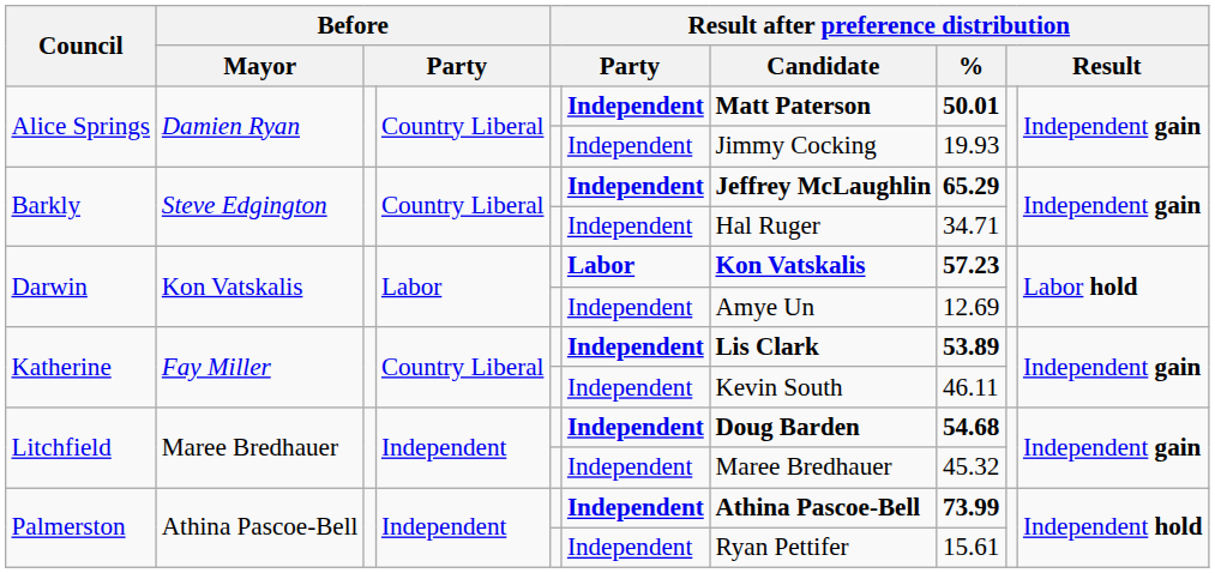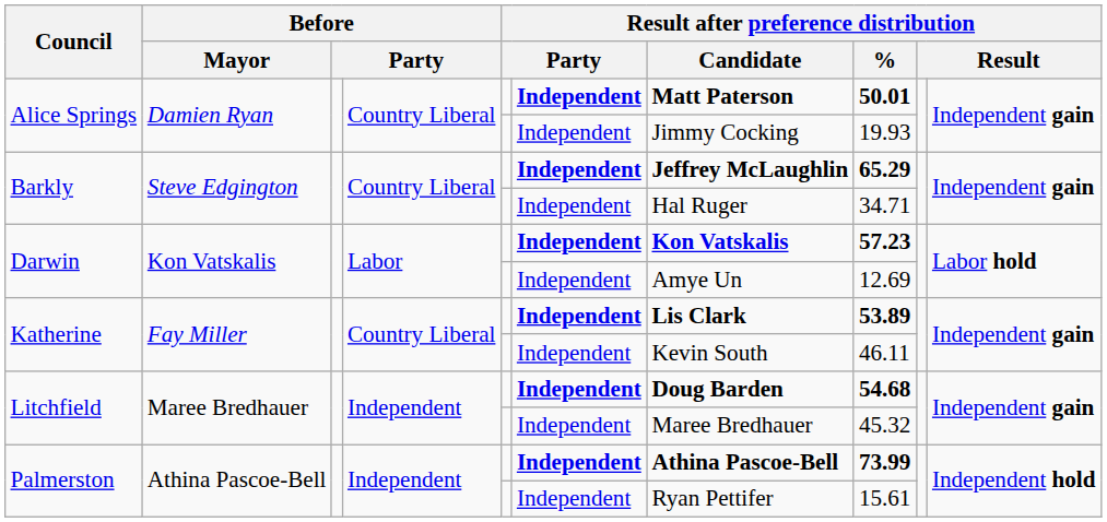 <table class="wikitable sortable" style="border: none;">
 <tr>
 <th rowspan="2">Council</th>
 <th colspan="3">Before</th>
 <th colspan="8">Result after <a href='#'>preference distribution</a></th>
 </tr>
 <tr>
 <th>Mayor</th>
 <th colspan="2">Party</th>
 <th colspan="2">Party</th>
 <th>Candidate</th>
 <th>%</th>
 <th colspan="2">Result</th>
 </tr>
 <tr>
 <td rowspan="2"><a href='#'>Alice Springs</a></td>
 <td rowspan="2"><em><a href='#'>Damien Ryan</a></em></td>
 <td rowspan="2" ></td>
 <td rowspan="2"><a href='#'>Country Liberal</a></td>
 <td></td>
 <td><strong><a href='#'>Independent</a></strong></td>
 <td><strong>Matt Paterson</strong></td>
 <td><strong>50.01</strong></td>
 <td rowspan="2" ></td>
 <td rowspan="2"><a href='#'>Independent</a> <strong>gain</strong></td>
 </tr>
 <tr>
 <td></td>
 <td><a href='#'>Independent</a></td>
 <td>Jimmy Cocking</td>
 <td>19.93</td>
 </tr>
 <tr>
 <td rowspan="2"><a href='#'>Barkly</a></td>
 <td rowspan="2"><em><a href='#'>Steve Edgington</a></em></td>
 <td rowspan="2" ></td>
 <td rowspan="2"><a href='#'>Country Liberal</a></td>
 <td></td>
 <td><strong><a href='#'>Independent</a></strong></td>
 <td><strong>Jeffrey McLaughlin</strong></td>
 <td><strong>65.29</strong></td>
 <td rowspan="2" ></td>
 <td rowspan="2"><a href='#'>Independent</a> <strong>gain</strong></td>
 </tr>
 <tr>
 <td></td>
 <td><a href='#'>Independent</a></td>
 <td>Hal Ruger</td>
 <td>34.71</td>
 </tr>
 <tr>
 <td rowspan="2"><a href='#'>Darwin</a></td>
 <td rowspan="2"><a href='#'>Kon Vatskalis</a></td>
 <td rowspan="2" ></td>
 <td rowspan="2"><a href='#'>Labor</a></td>
 <td></td>
-<td><strong><a href='#'>Labor</a></strong></td>
+<td><strong><a href='#'>Independent</a></strong></td>
 <td><strong><a href='#'>Kon Vatskalis</a></strong></td>
 <td><strong>57.23</strong></td>
 <td rowspan="2" ></td>
 <td rowspan="2"><a href='#'>Labor</a> <strong>hold</strong></td>
 </tr>
 <tr>
 <td></td>
 <td><a href='#'>Independent</a></td>
 <td>Amye Un</td>
 <td>12.69</td>
 </tr>
 <tr>
 <td rowspan="2"><a href='#'>Katherine</a></td>
 <td rowspan="2"><em><a href='#'>Fay Miller</a></em></td>
 <td rowspan="2" ></td>
 <td rowspan="2"><a href='#'>Country Liberal</a></td>
 <td></td>
 <td><strong><a href='#'>Independent</a></strong></td>
 <td><strong>Lis Clark</strong></td>
 <td><strong>53.89</strong></td>
 <td rowspan="2" ></td>
 <td rowspan="2"><a href='#'>Independent</a> <strong>gain</strong></td>
 </tr>
 <tr>
 <td></td>
 <td><a href='#'>Independent</a></td>
 <td>Kevin South</td>
 <td>46.11</td>
 </tr>
 <tr>
 <td rowspan="2"><a href='#'>Litchfield</a></td>
 <td rowspan="2">Maree Bredhauer</td>
 <td rowspan="2" ></td>
 <td rowspan="2"><a href='#'>Independent</a></td>
 <td></td>
 <td><strong><a href='#'>Independent</a></strong></td>
 <td><strong>Doug Barden</strong></td>
 <td><strong>54.68</strong></td>
 <td rowspan="2" ></td>
 <td rowspan="2"><a href='#'>Independent</a> <strong>gain</strong></td>
 </tr>
 <tr>
 <td></td>
 <td><a href='#'>Independent</a></td>
 <td>Maree Bredhauer</td>
 <td>45.32</td>
 </tr>
 <tr>
 <td rowspan="2"><a href='#'>Palmerston</a></td>
 <td rowspan="2">Athina Pascoe-Bell</td>
 <td rowspan="2" ></td>
 <td rowspan="2"><a href='#'>Independent</a></td>
 <td></td>
 <td><strong><a href='#'>Independent</a></strong></td>
 <td><strong>Athina Pascoe-Bell</strong></td>
 <td><strong>73.99</strong></td>
 <td rowspan="2" ></td>
 <td rowspan="2"><a href='#'>Independent</a> <strong>hold</strong></td>
 </tr>
 <tr>
 <td></td>
 <td><a href='#'>Independent</a></td>
 <td>Ryan Pettifer</td>
 <td>15.61</td>
 </tr>
 </table>
